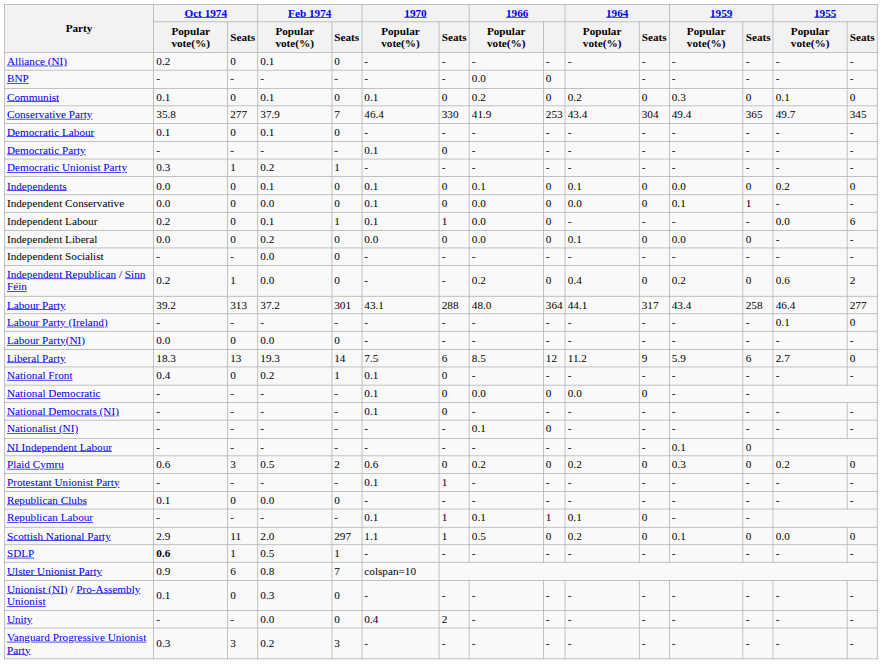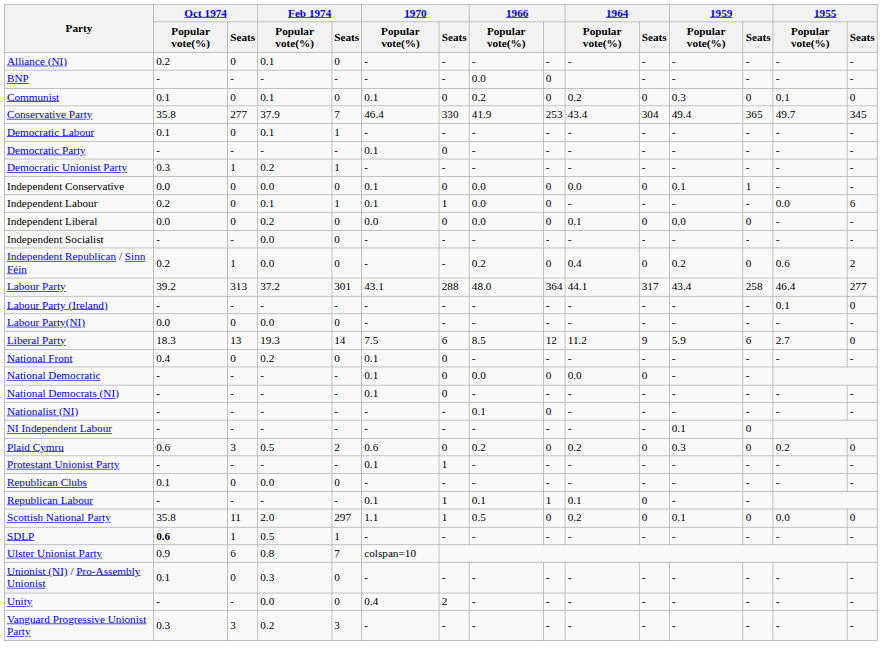 <table class= "wikitable sortable">
 <tr>
 <th rowspan=2>Party</th>
 <th colspan=2><a href='#'>Oct 1974</a></th>
 <th colspan=2><a href='#'>Feb 1974</a></th>
 <th colspan=2><a href='#'>1970</a></th>
 <th colspan=2><a href='#'>1966</a></th>
 <th colspan=2><a href='#'>1964</a></th>
 <th colspan=2><a href='#'>1959</a></th>
 <th colspan=2><a href='#'>1955</a></th>
 </tr>
 <tr>
 <th>Popular vote(%)</th>
 <th>Seats</th>
 <th>Popular vote(%)</th>
 <th>Seats</th>
 <th>Popular vote(%)</th>
 <th>Seats</th>
 <th>Popular vote(%)</th>
 <th></th>
 <th>Popular vote(%)</th>
 <th>Seats</th>
 <th>Popular vote(%)</th>
 <th>Seats</th>
 <th>Popular vote(%)</th>
 <th>Seats</th>
 </tr>
 <tr>
 <td><a href='#'>Alliance (NI)</a></td>
 <td>0.2</td>
 <td>0</td>
 <td>0.1</td>
 <td>0</td>
 <td>-</td>
 <td>-</td>
 <td>-</td>
 <td>-</td>
 <td>-</td>
 <td>-</td>
 <td>-</td>
 <td>-</td>
 <td>-</td>
 <td>-</td>
 </tr>
 <tr>
 <td><a href='#'>BNP</a></td>
 <td>-</td>
 <td>-</td>
 <td>-</td>
 <td>-</td>
 <td>-</td>
 <td>-</td>
 <td>0.0</td>
 <td>0</td>
 <td></td>
 <td>-</td>
 <td>-</td>
 <td>-</td>
 <td>-</td>
 <td>-</td>
 </tr>
 <tr>
 <td><a href='#'>Communist</a></td>
 <td>0.1</td>
 <td>0</td>
 <td>0.1</td>
 <td>0</td>
 <td>0.1</td>
 <td>0</td>
 <td>0.2</td>
 <td>0</td>
 <td>0.2</td>
 <td>0</td>
 <td>0.3</td>
 <td>0</td>
 <td>0.1</td>
 <td>0</td>
 </tr>
 <tr>
 <td><a href='#'>Conservative Party</a></td>
 <td>35.8</td>
 <td>277</td>
 <td>37.9</td>
 <td>7</td>
 <td>46.4</td>
 <td>330</td>
 <td>41.9</td>
 <td>253</td>
 <td>43.4</td>
 <td>304</td>
 <td>49.4</td>
 <td>365</td>
 <td>49.7</td>
 <td>345</td>
 </tr>
 <tr>
 <td><a href='#'>Democratic Labour</a></td>
 <td>0.1</td>
 <td>0</td>
 <td>0.1</td>
-<td>0</td>
+<td>1</td>
 <td>-</td>
 <td>-</td>
 <td>-</td>
 <td>-</td>
 <td>-</td>
 <td>-</td>
 <td>-</td>
 <td>-</td>
 <td>-</td>
 <td>-</td>
 </tr>
 <tr>
 <td><a href='#'>Democratic Party</a></td>
 <td>-</td>
 <td>-</td>
 <td>-</td>
 <td>-</td>
 <td>0.1</td>
 <td>0</td>
 <td>-</td>
 <td>-</td>
 <td>-</td>
 <td>-</td>
 <td>-</td>
 <td>-</td>
 <td>-</td>
 <td>-</td>
 </tr>
 <tr>
 <td><a href='#'>Democratic Unionist Party</a></td>
 <td>0.3</td>
 <td>1</td>
 <td>0.2</td>
 <td>1</td>
 <td>-</td>
 <td>-</td>
 <td>-</td>
 <td>-</td>
 <td>-</td>
 <td>-</td>
 <td>-</td>
 <td>-</td>
 <td>-</td>
 <td>-</td>
-</tr>
-<tr>
-<td><a href='#'>Independents</a></td>
-<td>0.0</td>
-<td>0</td>
-<td>0.1</td>
-<td>0</td>
-<td>0.1</td>
-<td>0</td>
-<td>0.1</td>
-<td>0</td>
-<td>0.1</td>
-<td>0</td>
-<td>0.0</td>
-<td>0</td>
-<td>0.2</td>
-<td>0</td>
 </tr>
 <tr>
 <td>Independent Conservative</td>
 <td>0.0</td>
 <td>0</td>
 <td>0.0</td>
 <td>0</td>
 <td>0.1</td>
 <td>0</td>
 <td>0.0</td>
 <td>0</td>
 <td>0.0</td>
 <td>0</td>
 <td>0.1</td>
 <td>1</td>
 <td>-</td>
 <td>-</td>
 </tr>
 <tr>
 <td>Independent Labour</td>
 <td>0.2</td>
 <td>0</td>
 <td>0.1</td>
 <td>1</td>
 <td>0.1</td>
 <td>1</td>
 <td>0.0</td>
 <td>0</td>
 <td>-</td>
 <td>-</td>
 <td>-</td>
 <td>-</td>
 <td>0.0</td>
 <td>6</td>
 </tr>
 <tr>
 <td>Independent Liberal</td>
 <td>0.0</td>
 <td>0</td>
 <td>0.2</td>
 <td>0</td>
 <td>0.0</td>
 <td>0</td>
 <td>0.0</td>
 <td>0</td>
 <td>0.1</td>
 <td>0</td>
 <td>0.0</td>
 <td>0</td>
 <td>-</td>
 <td>-</td>
 </tr>
 <tr>
 <td>Independent Socialist</td>
 <td>-</td>
 <td>-</td>
 <td>0.0</td>
 <td>0</td>
 <td>-</td>
 <td>-</td>
 <td>-</td>
 <td>-</td>
 <td>-</td>
 <td>-</td>
 <td>-</td>
 <td>-</td>
 <td>-</td>
 <td>-</td>
 </tr>
 <tr>
 <td><a href='#'>Independent Republican</a> / <a href='#'>Sinn Féin</a></td>
 <td>0.2</td>
 <td>1</td>
 <td>0.0</td>
 <td>0</td>
 <td>-</td>
 <td>-</td>
 <td>0.2</td>
 <td>0</td>
 <td>0.4</td>
 <td>0</td>
 <td>0.2</td>
 <td>0</td>
 <td>0.6</td>
 <td>2</td>
 </tr>
 <tr>
 <td><a href='#'>Labour Party</a></td>
 <td>39.2</td>
 <td>313</td>
 <td>37.2</td>
 <td>301</td>
 <td>43.1</td>
 <td>288</td>
 <td>48.0</td>
 <td>364</td>
 <td>44.1</td>
 <td>317</td>
 <td>43.4</td>
 <td>258</td>
 <td>46.4</td>
 <td>277</td>
 </tr>
 <tr>
 <td><a href='#'>Labour Party (Ireland)</a></td>
 <td>-</td>
 <td>-</td>
 <td>-</td>
 <td>-</td>
 <td>-</td>
 <td>-</td>
 <td>-</td>
 <td>-</td>
 <td>-</td>
 <td>-</td>
 <td>-</td>
 <td>-</td>
 <td>0.1</td>
 <td>0</td>
 </tr>
 <tr>
 <td><a href='#'>Labour Party(NI)</a></td>
 <td>0.0</td>
 <td>0</td>
 <td>0.0</td>
 <td>0</td>
 <td>-</td>
 <td>-</td>
 <td>-</td>
 <td>-</td>
 <td>-</td>
 <td>-</td>
 <td>-</td>
 <td>-</td>
 <td>-</td>
 <td>-</td>
 </tr>
 <tr>
 <td><a href='#'>Liberal Party</a></td>
 <td>18.3</td>
 <td>13</td>
 <td>19.3</td>
 <td>14</td>
 <td>7.5</td>
 <td>6</td>
 <td>8.5</td>
 <td>12</td>
 <td>11.2</td>
 <td>9</td>
 <td>5.9</td>
 <td>6</td>
 <td>2.7</td>
 <td>0</td>
 </tr>
 <tr>
 <td><a href='#'>National Front</a></td>
 <td>0.4</td>
 <td>0</td>
 <td>0.2</td>
-<td>1</td>
+<td>0</td>
 <td>0.1</td>
 <td>0</td>
 <td>-</td>
 <td>-</td>
 <td>-</td>
 <td>-</td>
 <td>-</td>
 <td>-</td>
 <td>-</td>
 <td>-</td>
 </tr>
 <tr>
 <td><a href='#'>National Democratic</a></td>
 <td>-</td>
 <td>-</td>
 <td>-</td>
 <td>-</td>
 <td>0.1</td>
 <td>0</td>
 <td>0.0</td>
 <td>0</td>
 <td>0.0</td>
 <td>0</td>
 <td>-</td>
 <td>-</td>
 </tr>
 <tr>
 <td><a href='#'>National Democrats (NI)</a></td>
 <td>-</td>
 <td>-</td>
 <td>-</td>
 <td>-</td>
 <td>0.1</td>
 <td>0</td>
 <td>-</td>
 <td>-</td>
 <td>-</td>
 <td>-</td>
 <td>-</td>
 <td>-</td>
 <td>-</td>
 <td>-</td>
 </tr>
 <tr>
 <td><a href='#'>Nationalist (NI)</a></td>
 <td>-</td>
 <td>-</td>
 <td>-</td>
 <td>-</td>
 <td>-</td>
 <td>-</td>
 <td>0.1</td>
 <td>0</td>
 <td>-</td>
 <td>-</td>
 <td>-</td>
 <td>-</td>
 <td>-</td>
 <td>-</td>
 </tr>
 <tr>
 <td><a href='#'>NI Independent Labour</a></td>
 <td>-</td>
 <td>-</td>
 <td>-</td>
 <td>-</td>
 <td>-</td>
 <td>-</td>
 <td>-</td>
 <td>-</td>
 <td>-</td>
 <td>-</td>
 <td>0.1</td>
 <td>0</td>
 </tr>
 <tr>
 <td><a href='#'>Plaid Cymru</a></td>
 <td>0.6</td>
 <td>3</td>
 <td>0.5</td>
 <td>2</td>
 <td>0.6</td>
 <td>0</td>
 <td>0.2</td>
 <td>0</td>
 <td>0.2</td>
 <td>0</td>
 <td>0.3</td>
 <td>0</td>
 <td>0.2</td>
 <td>0</td>
 </tr>
 <tr>
 <td><a href='#'>Protestant Unionist Party</a></td>
 <td>-</td>
 <td>-</td>
 <td>-</td>
 <td>-</td>
 <td>0.1</td>
 <td>1</td>
 <td>-</td>
 <td>-</td>
 <td>-</td>
 <td>-</td>
 <td>-</td>
 <td>-</td>
 <td>-</td>
 <td>-</td>
 </tr>
 <tr>
 <td><a href='#'>Republican Clubs</a></td>
 <td>0.1</td>
 <td>0</td>
 <td>0.0</td>
 <td>0</td>
 <td>-</td>
 <td>-</td>
 <td>-</td>
 <td>-</td>
 <td>-</td>
 <td>-</td>
 <td>-</td>
 <td>-</td>
 <td>-</td>
 <td>-</td>
 </tr>
 <tr>
 <td><a href='#'>Republican Labour</a></td>
 <td>-</td>
 <td>-</td>
 <td>-</td>
 <td>-</td>
 <td>0.1</td>
 <td>1</td>
 <td>0.1</td>
 <td>1</td>
 <td>0.1</td>
 <td>0</td>
 <td>-</td>
 <td>-</td>
 </tr>
 <tr>
 <td><a href='#'>Scottish National Party</a></td>
-<td>2.9</td>
+<td>35.8</td>
 <td>11</td>
 <td>2.0</td>
 <td>297</td>
 <td>1.1</td>
 <td>1</td>
 <td>0.5</td>
 <td>0</td>
 <td>0.2</td>
 <td>0</td>
 <td>0.1</td>
 <td>0</td>
 <td>0.0</td>
 <td>0</td>
 </tr>
 <tr>
 <td><a href='#'>SDLP</a></td>
 <td><strong>0.6</strong></td>
 <td>1</td>
 <td>0.5</td>
 <td>1</td>
 <td>-</td>
 <td>-</td>
 <td>-</td>
 <td>-</td>
 <td>-</td>
 <td>-</td>
 <td>-</td>
 <td>-</td>
 <td>-</td>
 <td>-</td>
 </tr>
 <tr>
 <td><a href='#'>Ulster Unionist Party</a></td>
 <td>0.9</td>
 <td>6</td>
 <td>0.8</td>
 <td>7</td>
 <td>colspan=10 </td>
 </tr>
 <tr>
 <td><a href='#'>Unionist (NI)</a> / <a href='#'>Pro-Assembly Unionist</a></td>
 <td>0.1</td>
 <td>0</td>
 <td>0.3</td>
 <td>0</td>
 <td>-</td>
 <td>-</td>
 <td>-</td>
 <td>-</td>
 <td>-</td>
 <td>-</td>
 <td>-</td>
 <td>-</td>
 <td>-</td>
 <td>-</td>
 </tr>
 <tr>
 <td><a href='#'>Unity</a></td>
 <td>-</td>
 <td>-</td>
 <td>0.0</td>
 <td>0</td>
 <td>0.4</td>
 <td>2</td>
 <td>-</td>
 <td>-</td>
 <td>-</td>
 <td>-</td>
 <td>-</td>
 <td>-</td>
 <td>-</td>
 <td>-</td>
 </tr>
 <tr>
 <td><a href='#'>Vanguard Progressive Unionist Party</a></td>
 <td>0.3</td>
 <td>3</td>
 <td>0.2</td>
 <td>3</td>
 <td>-</td>
 <td>-</td>
 <td>-</td>
 <td>-</td>
 <td>-</td>
 <td>-</td>
 <td>-</td>
 <td>-</td>
 <td>-</td>
 <td>-</td>
 </tr>
 </table>
